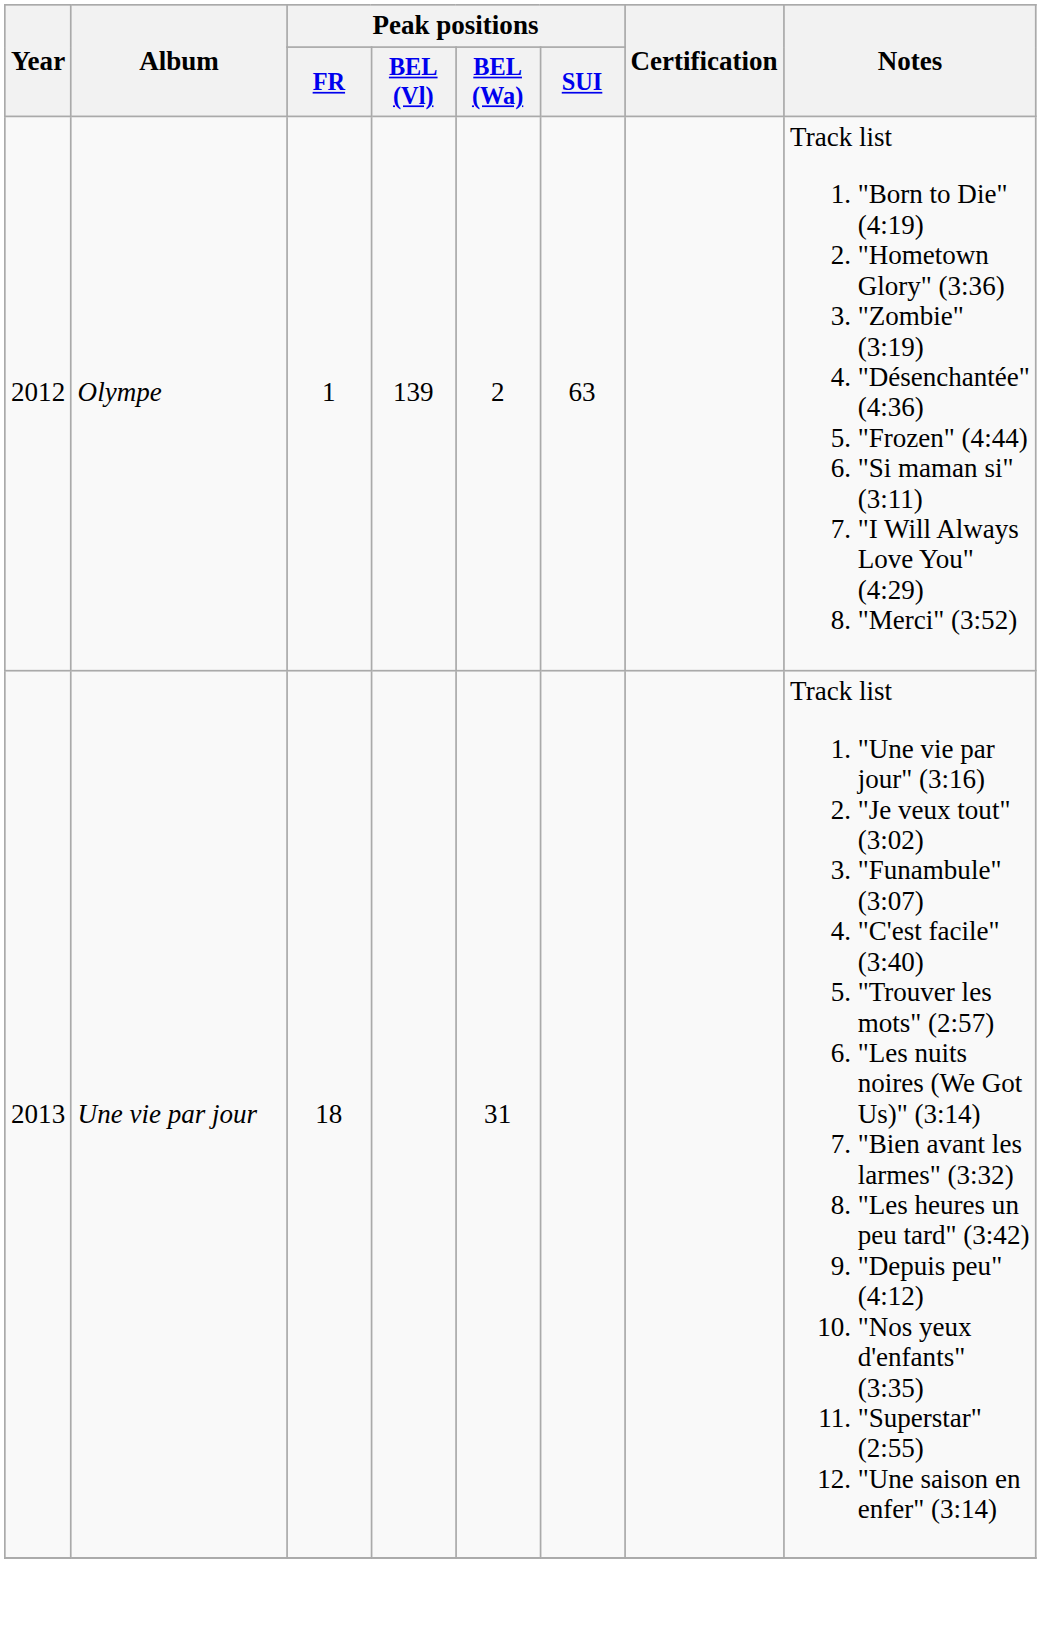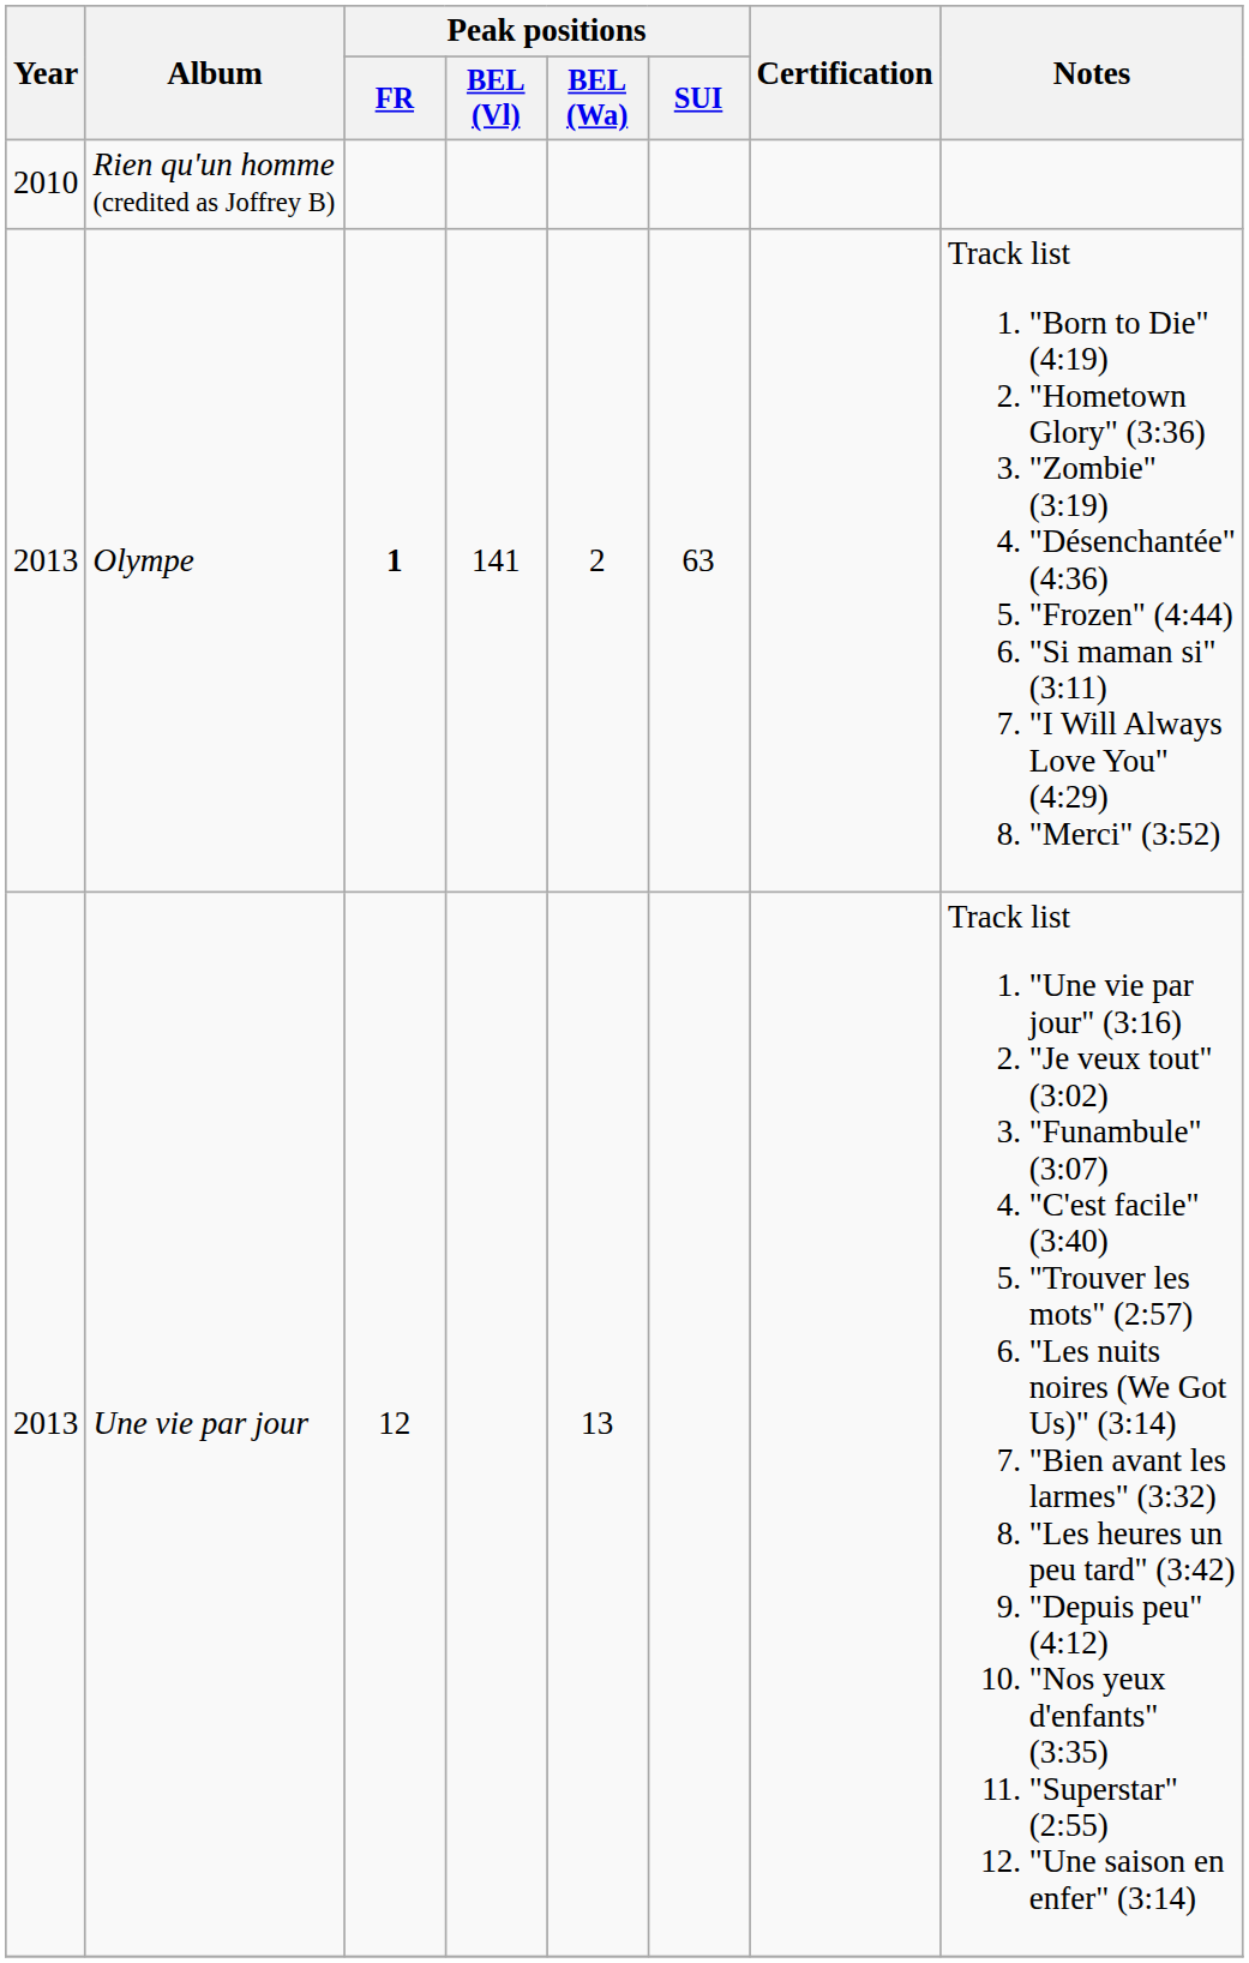 <table class="wikitable">
 <tr>
 <th align="center" rowspan="2" width="10">Year</th>
 <th align="center" rowspan="2" width="120">Album</th>
 <th align="center" colspan="4" width="20">Peak positions</th>
 <th align="center" rowspan="2" width="70">Certification</th>
 <th align="center" rowspan="2" width="120">Notes</th>
 </tr>
 <tr>
 <th scope="col" style="width:3em;font-size:90%;"><a href='#'>FR</a><br></th>
 <th scope="col" style="width:3em;font-size:90%;"><a href='#'>BEL (Vl)</a><br></th>
 <th scope="col" style="width:3em;font-size:90%;"><a href='#'>BEL (Wa)</a><br></th>
 <th scope="col" style="width:3em;font-size:90%;"><a href='#'>SUI</a><br></th>
 </tr>
 <tr>
-<td style="text-align:center;">2012</td>
+<td style="text-align:center;">2010</td>
+<td><em>Rien qu'un homme</em><br><small>(credited as Joffrey B)</small></td>
+<td style="text-align:center;"></td>
+<td style="text-align:center;"></td>
+<td style="text-align:center;"></td>
+<td style="text-align:center;"></td>
+<td style="text-align:center;"></td>
+<td></td>
+</tr>
+<tr>
+<td style="text-align:center;">2013</td>
 <td><em>Olympe</em></td>
-<td style="text-align:center;">1</td>
-<td style="text-align:center;">139</td>
+<td style="text-align:center;"><strong>1</strong></td>
+<td style="text-align:center;">141</td>
 <td style="text-align:center;">2</td>
 <td style="text-align:center;">63</td>
 <td style="text-align:center;"></td>
 <td>Track list<br><ol><li>"Born to Die" (4:19)</li><li>"Hometown Glory" (3:36)</li><li>"Zombie" (3:19)</li><li>"Désenchantée" (4:36)</li><li>"Frozen" (4:44)</li><li>"Si maman si" (3:11)</li><li>"I Will Always Love You" (4:29)</li><li>"Merci" (3:52)</li></ol></td>
 </tr>
 <tr>
 <td style="text-align:center;">2013</td>
 <td><em>Une vie par jour</em></td>
-<td style="text-align:center;">18</td>
+<td style="text-align:center;">12</td>
 <td style="text-align:center;"></td>
-<td style="text-align:center;">31</td>
+<td style="text-align:center;">13</td>
 <td style="text-align:center;"></td>
 <td style="text-align:center;"></td>
 <td>Track list<br><ol><li>"Une vie par jour" (3:16)</li><li>"Je veux tout" (3:02)</li><li>"Funambule" (3:07)</li><li>"C'est facile" (3:40)</li><li>"Trouver les mots" (2:57)</li><li>"Les nuits noires (We Got Us)" (3:14)</li><li>"Bien avant les larmes" (3:32)</li><li>"Les heures un peu tard" (3:42)</li><li>"Depuis peu" (4:12)</li><li>"Nos yeux d'enfants" (3:35)</li><li>"Superstar" (2:55)</li><li>"Une saison en enfer" (3:14)</li></ol></td>
 </tr>
 <tr>
 </tr>
 </table>
